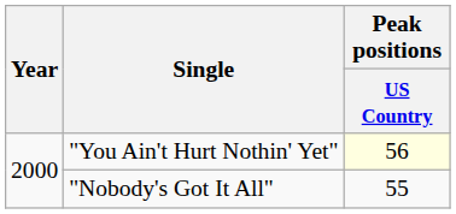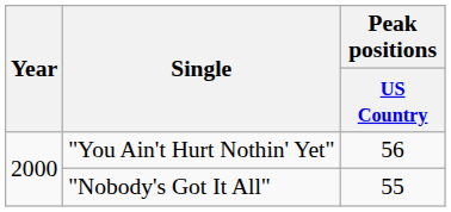 <table class="wikitable">
 <tr>
 <th rowspan="2">Year</th>
 <th rowspan="2">Single</th>
 <th>Peak positions</th>
 </tr>
 <tr>
 <th width="65"><small><a href='#'>US Country</a></small></th>
 </tr>
 <tr>
 <td rowspan="2">2000</td>
 <td>"You Ain't Hurt Nothin' Yet"</td>
-<td align="center" style="background: lightyellow;">56</td>
+<td align="center">56</td>
 </tr>
 <tr>
 <td>"Nobody's Got It All"</td>
 <td align="center">55</td>
 </tr>
 </table>
